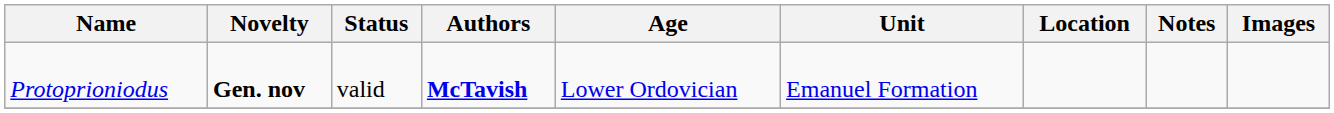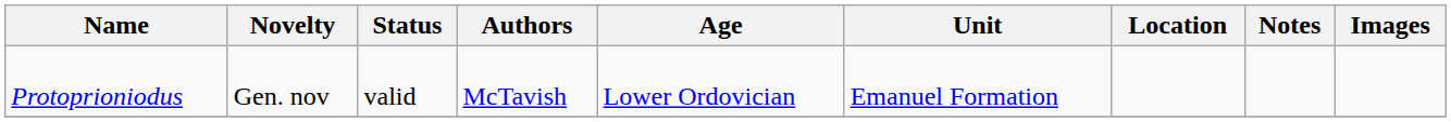 <table class="wikitable sortable" align="center" width="100%">
 <tr>
 <th>Name</th>
 <th>Novelty</th>
 <th>Status</th>
 <th>Authors</th>
 <th>Age</th>
 <th>Unit</th>
 <th>Location</th>
 <th>Notes</th>
 <th>Images</th>
 </tr>
 <tr>
 <td><br><em><a href='#'>Protoprioniodus</a></em></td>
-<td><strong><br>Gen. nov</strong></td>
+<td><br>Gen. nov</td>
 <td><br>valid</td>
-<td><strong><br><a href='#'>McTavish</a></strong></td>
+<td><br><a href='#'>McTavish</a></td>
 <td><br><a href='#'>Lower Ordovician</a></td>
 <td><br><a href='#'>Emanuel Formation</a></td>
 <td><br></td>
 <td></td>
 <td></td>
 </tr>
 <tr>
 </tr>
 </table>
